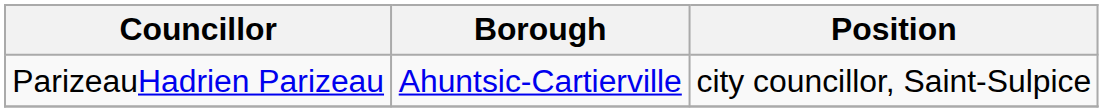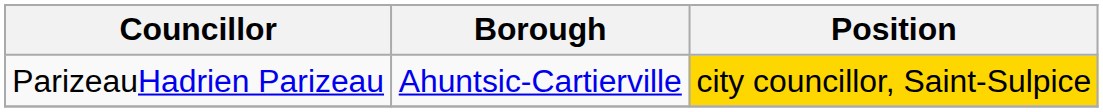 <table class="wikitable sortable" border="1">
 <tr>
 <th>Councillor</th>
 <th>Borough</th>
 <th>Position</th>
 </tr>
 <tr>
 <td><span>Parizeau</span><a href='#'>Hadrien Parizeau</a></td>
 <td><a href='#'>Ahuntsic-Cartierville</a></td>
-<td>city councillor, Saint-Sulpice</td>
+<td style="background: gold;">city councillor, Saint-Sulpice</td>
 </tr>
 <tr>
 </tr>
 </table>
